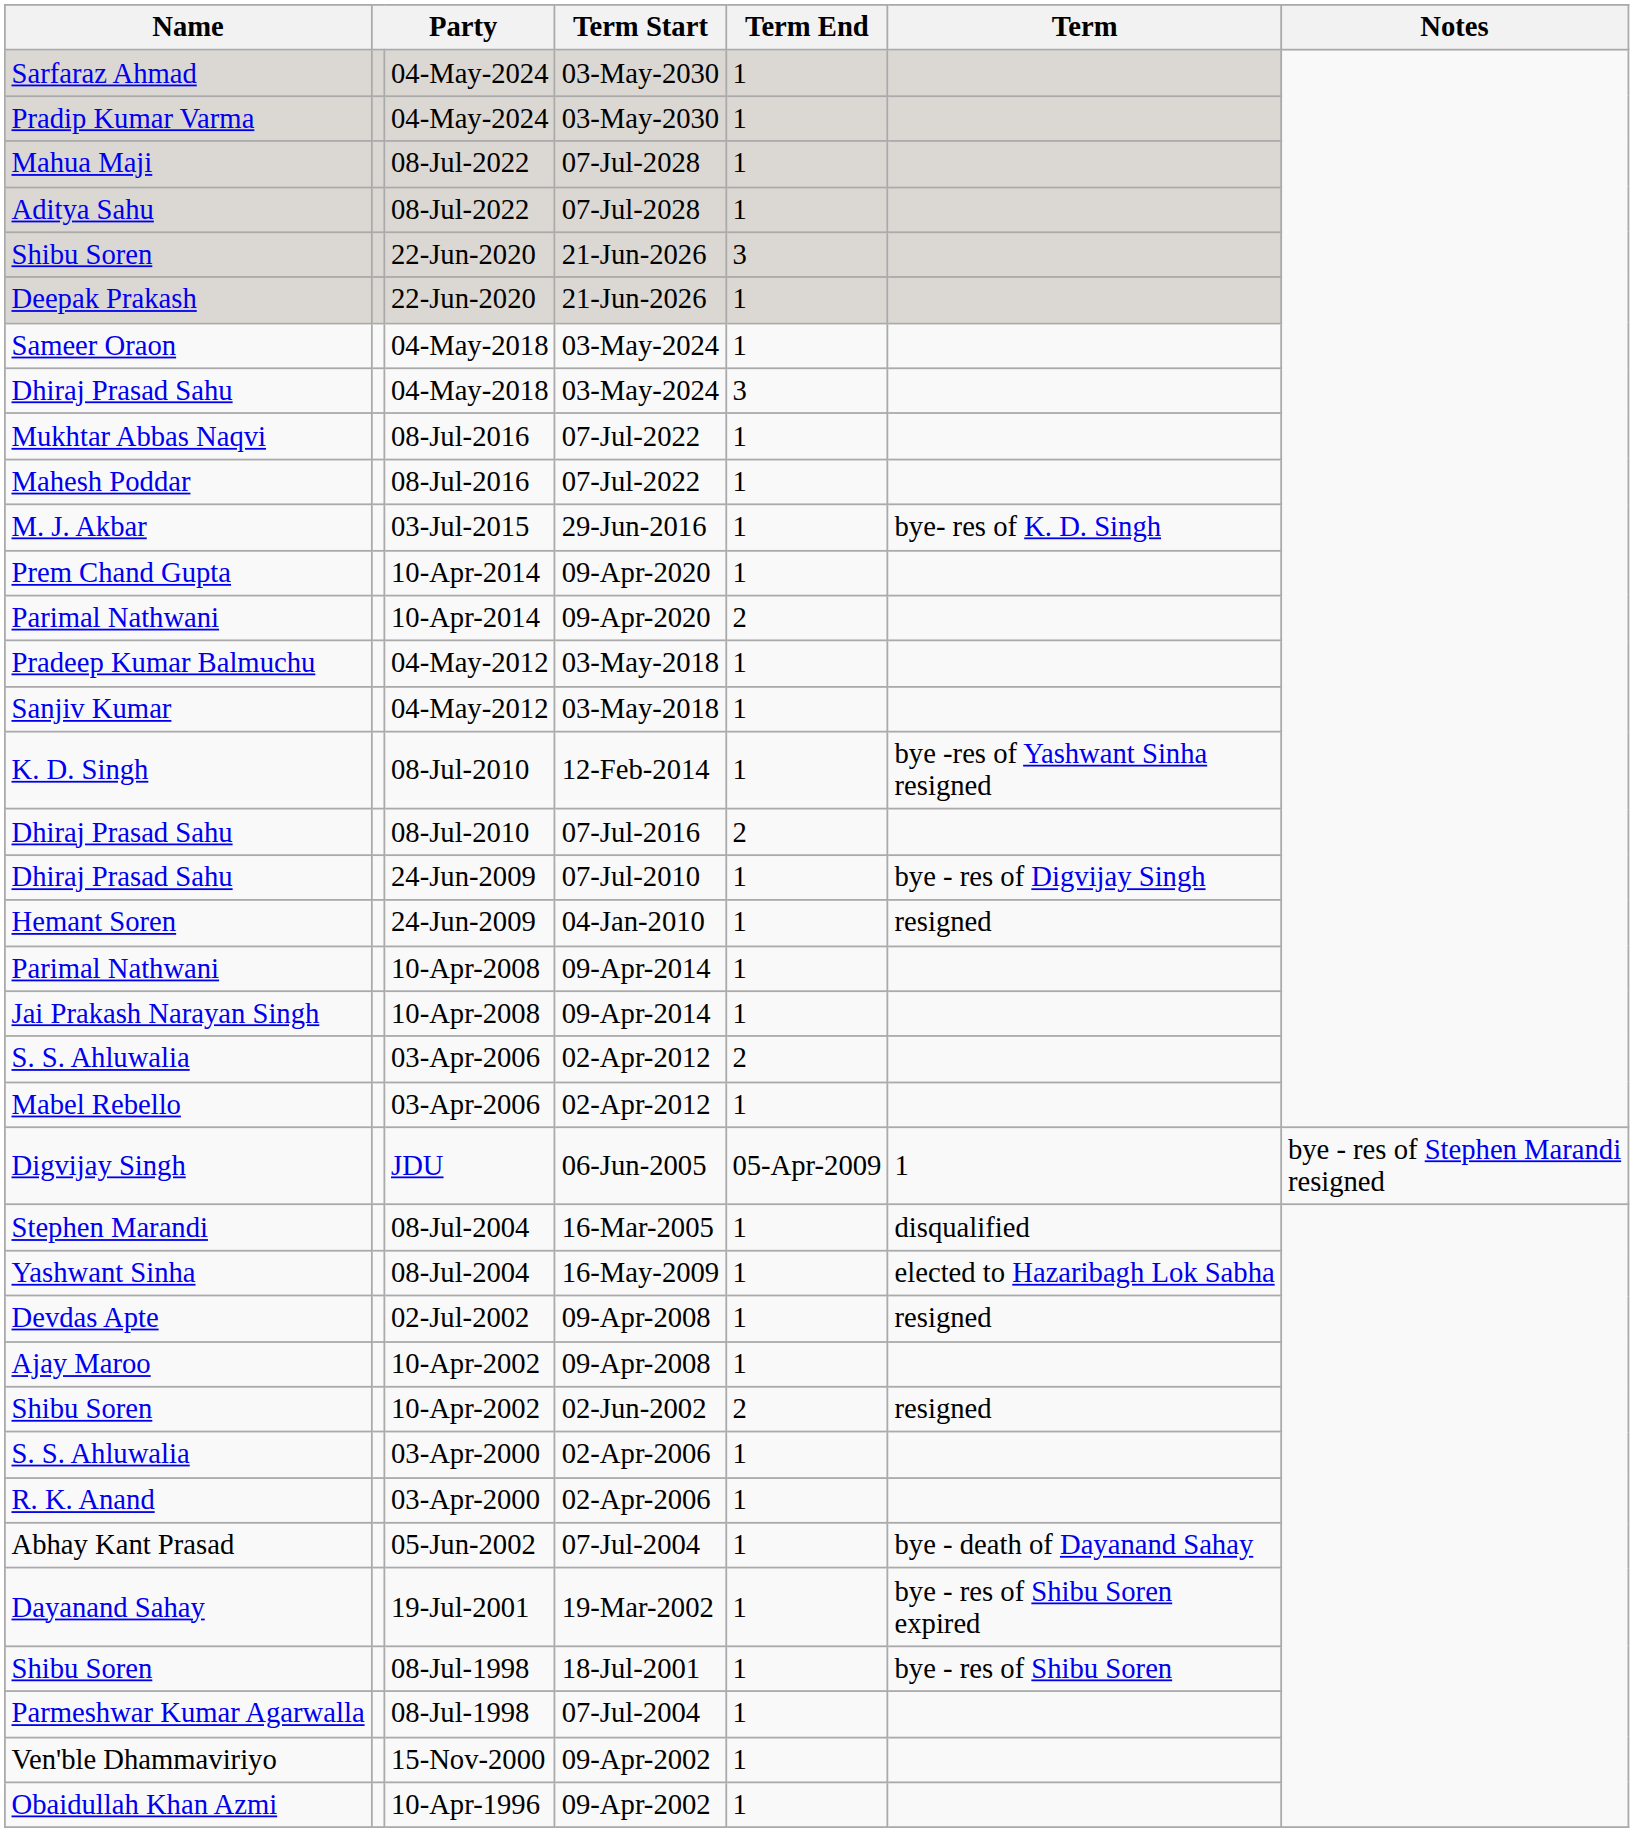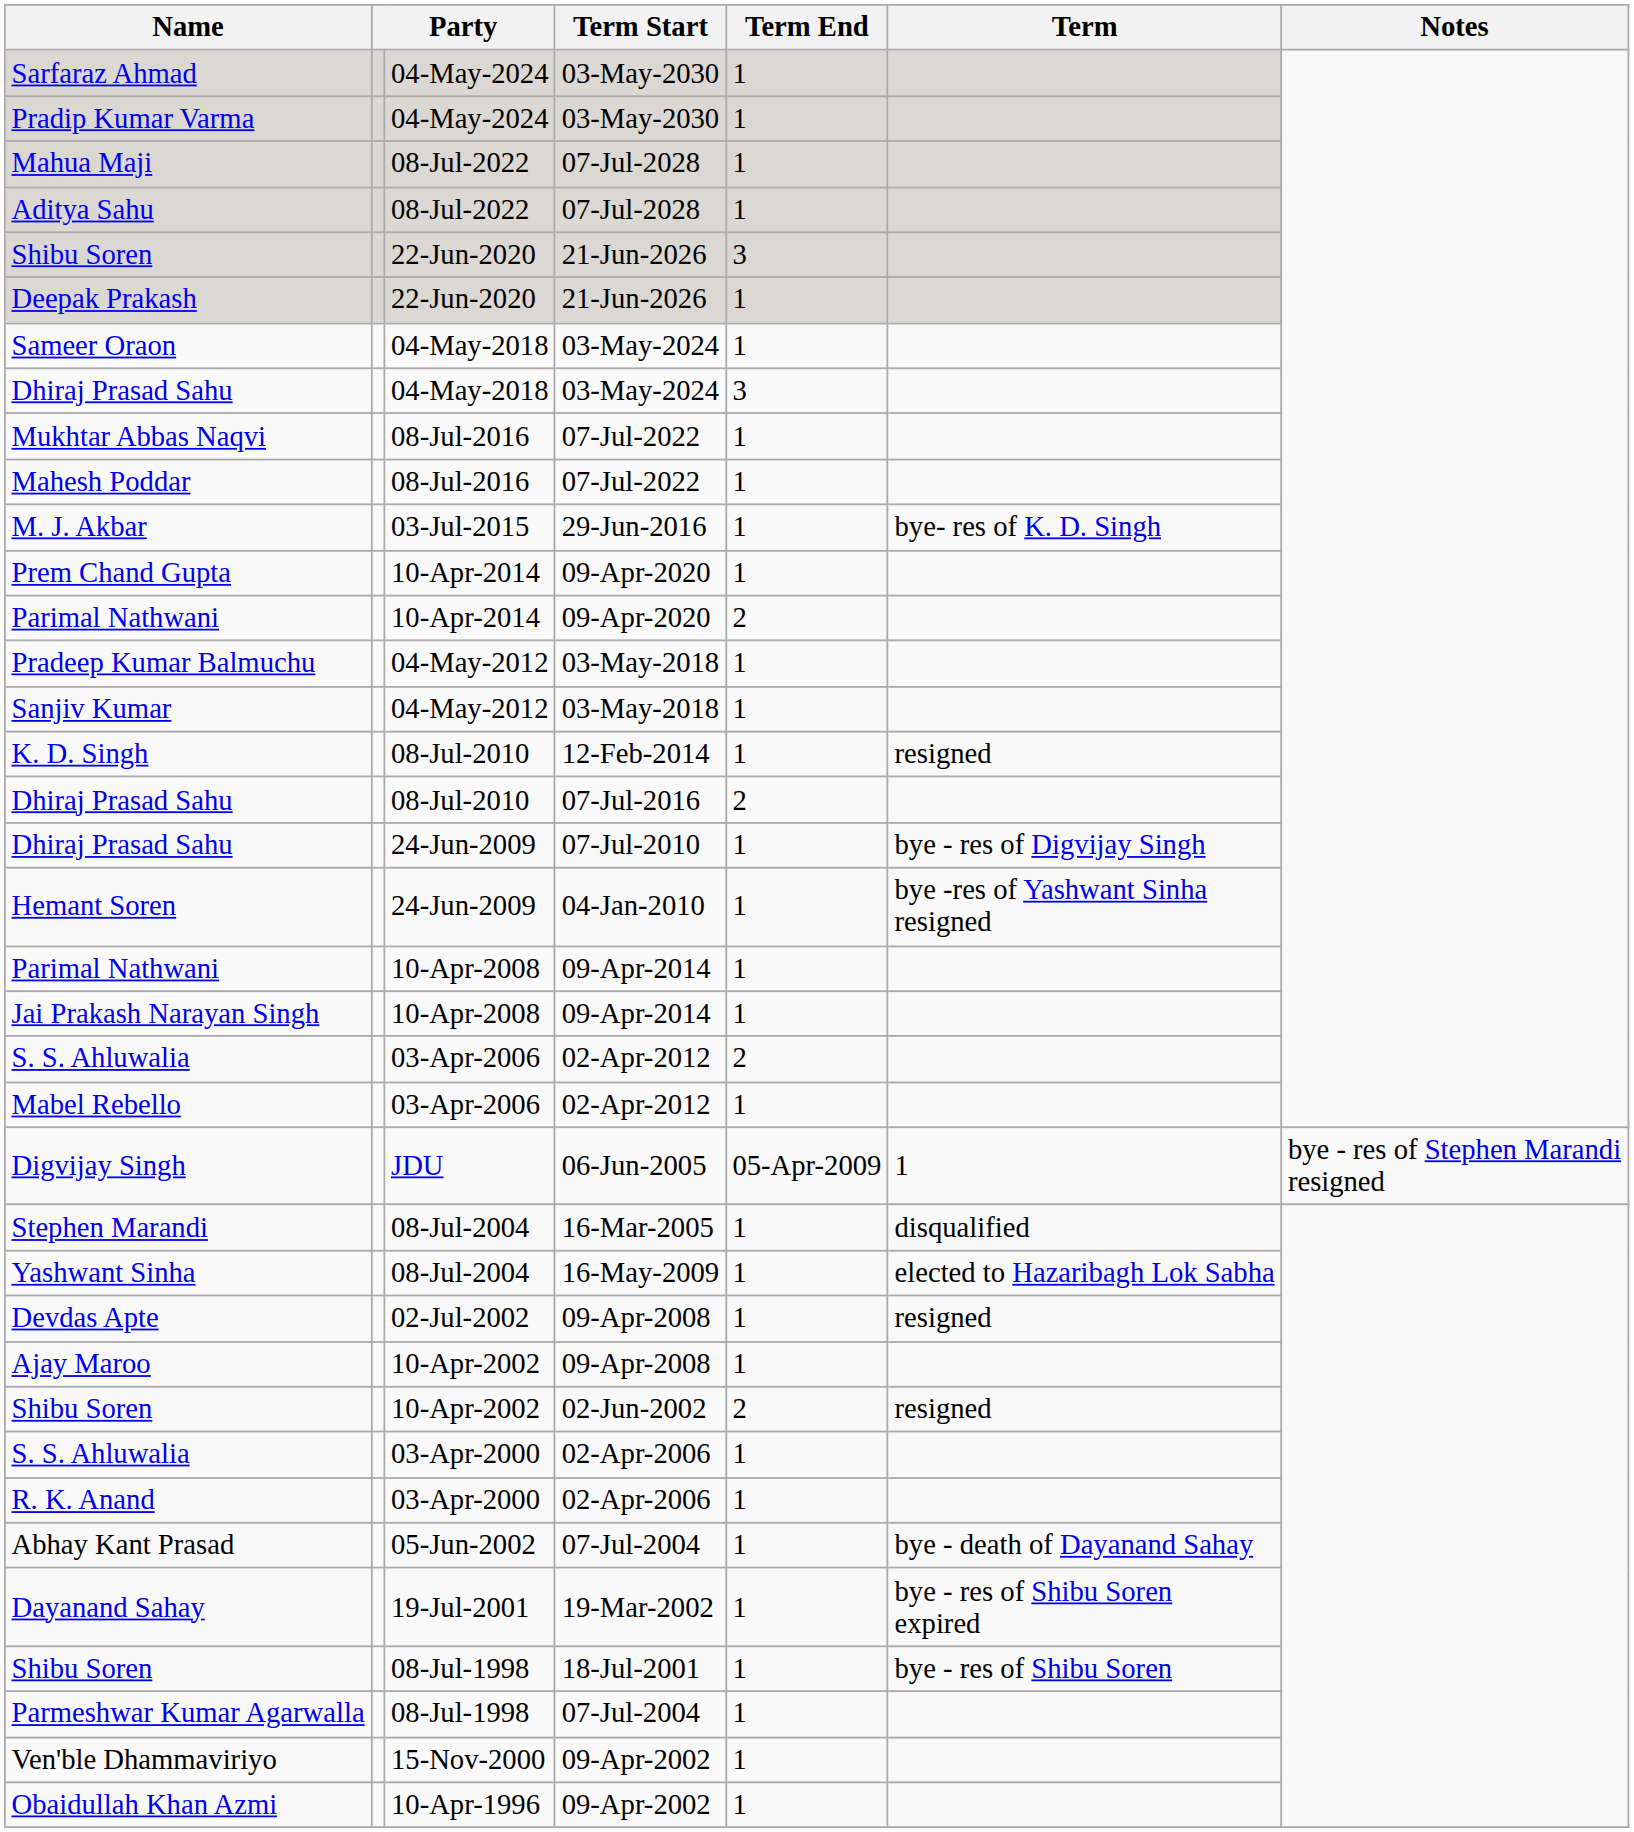 <table class="wikitable sortable">
 <tr>
 <th>Name</th>
 <th colspan="2">Party</th>
 <th>Term Start</th>
 <th>Term End</th>
 <th>Term</th>
 <th>Notes</th>
 </tr>
 <tr style="background-color:#DBD7D2;">
 <td><a href='#'>Sarfaraz Ahmad</a></td>
 <td></td>
 <td>04-May-2024</td>
 <td>03-May-2030</td>
 <td>1</td>
 <td></td>
 </tr>
 <tr style="background-color:#DBD7D2;">
 <td><a href='#'>Pradip Kumar Varma</a></td>
 <td></td>
 <td>04-May-2024</td>
 <td>03-May-2030</td>
 <td>1</td>
 <td></td>
 </tr>
 <tr style="background-color:#DBD7D2;">
 <td><a href='#'>Mahua Maji</a></td>
 <td></td>
 <td>08-Jul-2022</td>
 <td>07-Jul-2028</td>
 <td>1</td>
 <td></td>
 </tr>
 <tr style="background-color:#DBD7D2;">
 <td><a href='#'>Aditya Sahu</a></td>
 <td></td>
 <td>08-Jul-2022</td>
 <td>07-Jul-2028</td>
 <td>1</td>
 <td></td>
 </tr>
 <tr style="background-color:#DBD7D2;">
 <td><a href='#'>Shibu Soren</a></td>
 <td></td>
 <td>22-Jun-2020</td>
 <td>21-Jun-2026</td>
 <td>3</td>
 <td></td>
 </tr>
 <tr style="background-color:#DBD7D2;">
 <td><a href='#'>Deepak Prakash</a></td>
 <td></td>
 <td>22-Jun-2020</td>
 <td>21-Jun-2026</td>
 <td>1</td>
 <td></td>
 </tr>
 <tr>
 <td><a href='#'>Sameer Oraon</a></td>
 <td></td>
 <td>04-May-2018</td>
 <td>03-May-2024</td>
 <td>1</td>
 <td></td>
 </tr>
 <tr>
 <td><a href='#'>Dhiraj Prasad Sahu</a></td>
 <td></td>
 <td>04-May-2018</td>
 <td>03-May-2024</td>
 <td>3</td>
 <td></td>
 </tr>
 <tr>
 <td><a href='#'>Mukhtar Abbas Naqvi</a></td>
 <td></td>
 <td>08-Jul-2016</td>
 <td>07-Jul-2022</td>
 <td>1</td>
 <td></td>
 </tr>
 <tr>
 <td><a href='#'>Mahesh Poddar</a></td>
 <td></td>
 <td>08-Jul-2016</td>
 <td>07-Jul-2022</td>
 <td>1</td>
 <td></td>
 </tr>
 <tr>
 <td><a href='#'>M. J. Akbar</a></td>
 <td></td>
 <td>03-Jul-2015</td>
 <td>29-Jun-2016</td>
 <td>1</td>
 <td>bye- res of <a href='#'>K. D. Singh</a></td>
 </tr>
 <tr>
 <td><a href='#'>Prem Chand Gupta</a></td>
 <td></td>
 <td>10-Apr-2014</td>
 <td>09-Apr-2020</td>
 <td>1</td>
 <td></td>
 </tr>
 <tr>
 <td><a href='#'>Parimal Nathwani</a></td>
 <td></td>
 <td>10-Apr-2014</td>
 <td>09-Apr-2020</td>
 <td>2</td>
 <td></td>
 </tr>
 <tr>
 <td><a href='#'>Pradeep Kumar Balmuchu</a></td>
 <td></td>
 <td>04-May-2012</td>
 <td>03-May-2018</td>
 <td>1</td>
 <td></td>
 </tr>
 <tr>
 <td><a href='#'>Sanjiv Kumar</a></td>
 <td></td>
 <td>04-May-2012</td>
 <td>03-May-2018</td>
 <td>1</td>
 <td></td>
 </tr>
 <tr>
 <td><a href='#'>K. D. Singh</a></td>
 <td></td>
 <td>08-Jul-2010</td>
 <td>12-Feb-2014</td>
 <td>1</td>
-<td>bye -res of <a href='#'>Yashwant Sinha</a><br>resigned</td>
+<td>resigned</td>
 </tr>
 <tr>
 <td><a href='#'>Dhiraj Prasad Sahu</a></td>
 <td></td>
 <td>08-Jul-2010</td>
 <td>07-Jul-2016</td>
 <td>2</td>
 <td></td>
 </tr>
 <tr>
 <td><a href='#'>Dhiraj Prasad Sahu</a></td>
 <td></td>
 <td>24-Jun-2009</td>
 <td>07-Jul-2010</td>
 <td>1</td>
 <td>bye - res of <a href='#'>Digvijay Singh</a></td>
 </tr>
 <tr>
 <td><a href='#'>Hemant Soren</a></td>
 <td></td>
 <td>24-Jun-2009</td>
 <td>04-Jan-2010</td>
 <td>1</td>
-<td>resigned</td>
+<td>bye -res of <a href='#'>Yashwant Sinha</a><br>resigned</td>
 </tr>
 <tr>
 <td><a href='#'>Parimal Nathwani</a></td>
 <td></td>
 <td>10-Apr-2008</td>
 <td>09-Apr-2014</td>
 <td>1</td>
 <td></td>
 </tr>
 <tr>
 <td><a href='#'>Jai Prakash Narayan Singh</a></td>
 <td></td>
 <td>10-Apr-2008</td>
 <td>09-Apr-2014</td>
 <td>1</td>
 <td></td>
 </tr>
 <tr>
 <td><a href='#'>S. S. Ahluwalia</a></td>
 <td></td>
 <td>03-Apr-2006</td>
 <td>02-Apr-2012</td>
 <td>2</td>
 <td></td>
 </tr>
 <tr>
 <td><a href='#'>Mabel Rebello</a></td>
 <td></td>
 <td>03-Apr-2006</td>
 <td>02-Apr-2012</td>
 <td>1</td>
 <td></td>
 </tr>
 <tr>
 <td><a href='#'>Digvijay Singh</a></td>
 <td style="background-color: "></td>
 <td><a href='#'>JDU</a></td>
 <td>06-Jun-2005</td>
 <td>05-Apr-2009</td>
 <td>1</td>
 <td>bye - res of <a href='#'>Stephen Marandi</a><br>resigned</td>
 </tr>
 <tr>
 <td><a href='#'>Stephen Marandi</a></td>
 <td></td>
 <td>08-Jul-2004</td>
 <td>16-Mar-2005</td>
 <td>1</td>
 <td>disqualified</td>
 </tr>
 <tr>
 <td><a href='#'>Yashwant Sinha</a></td>
 <td></td>
 <td>08-Jul-2004</td>
 <td>16-May-2009</td>
 <td>1</td>
 <td>elected to <a href='#'>Hazaribagh Lok Sabha</a></td>
 </tr>
 <tr>
 <td><a href='#'>Devdas Apte</a></td>
 <td></td>
 <td>02-Jul-2002</td>
 <td>09-Apr-2008</td>
 <td>1</td>
 <td>resigned</td>
 </tr>
 <tr>
 <td><a href='#'>Ajay Maroo</a></td>
 <td></td>
 <td>10-Apr-2002</td>
 <td>09-Apr-2008</td>
 <td>1</td>
 <td></td>
 </tr>
 <tr>
 <td><a href='#'>Shibu Soren</a></td>
 <td></td>
 <td>10-Apr-2002</td>
 <td>02-Jun-2002</td>
 <td>2</td>
 <td>resigned</td>
 </tr>
 <tr>
 <td><a href='#'>S. S. Ahluwalia</a></td>
 <td></td>
 <td>03-Apr-2000</td>
 <td>02-Apr-2006</td>
 <td>1</td>
 <td></td>
 </tr>
 <tr>
 <td><a href='#'>R. K. Anand</a></td>
 <td></td>
 <td>03-Apr-2000</td>
 <td>02-Apr-2006</td>
 <td>1</td>
 <td></td>
 </tr>
 <tr>
 <td>Abhay Kant Prasad</td>
 <td></td>
 <td>05-Jun-2002</td>
 <td>07-Jul-2004</td>
 <td>1</td>
 <td>bye - death of <a href='#'>Dayanand Sahay</a></td>
 </tr>
 <tr>
 <td><a href='#'>Dayanand Sahay</a></td>
 <td></td>
 <td>19-Jul-2001</td>
 <td>19-Mar-2002</td>
 <td>1</td>
 <td>bye - res of <a href='#'>Shibu Soren</a><br>expired</td>
 </tr>
 <tr>
 <td><a href='#'>Shibu Soren</a></td>
 <td></td>
 <td>08-Jul-1998</td>
 <td>18-Jul-2001</td>
 <td>1</td>
 <td>bye - res of <a href='#'>Shibu Soren</a></td>
 </tr>
 <tr>
 <td><a href='#'>Parmeshwar Kumar Agarwalla</a></td>
 <td></td>
 <td>08-Jul-1998</td>
 <td>07-Jul-2004</td>
 <td>1</td>
 <td></td>
 </tr>
 <tr>
 <td>Ven'ble Dhammaviriyo</td>
 <td></td>
 <td>15-Nov-2000</td>
 <td>09-Apr-2002</td>
 <td>1</td>
 <td></td>
 </tr>
 <tr>
 <td><a href='#'>Obaidullah Khan Azmi</a></td>
 <td></td>
 <td>10-Apr-1996</td>
 <td>09-Apr-2002</td>
 <td>1</td>
 <td></td>
 </tr>
 </table>
